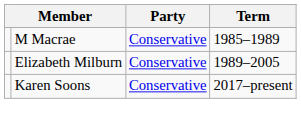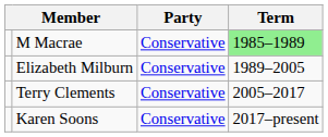 <table class="wikitable">
 <tr>
 <th colspan="2">Member</th>
 <th>Party</th>
 <th>Term</th>
 </tr>
 <tr>
 <td style="background-color: "></td>
 <td>M Macrae</td>
 <td><a href='#'>Conservative</a></td>
-<td>1985–1989</td>
+<td style="background: lightgreen;">1985–1989</td>
 </tr>
 <tr>
 <td style="background-color: "></td>
 <td>Elizabeth Milburn</td>
 <td><a href='#'>Conservative</a></td>
 <td>1989–2005</td>
 </tr>
 <tr>
 <td style="background-color: "></td>
+<td>Terry Clements</td>
+<td><a href='#'>Conservative</a></td>
+<td>2005–2017</td>
+</tr>
+<tr>
+<td style="background-color: "></td>
 <td>Karen Soons</td>
 <td><a href='#'>Conservative</a></td>
 <td>2017–present</td>
 </tr>
 </table>
